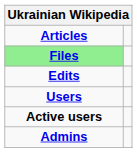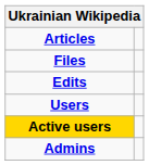 <table class="wikitable sortable" align=right style="text-align: center;">
 <tr>
 <th colspan=4>Ukrainian Wikipedia </th>
 </tr>
 <tr>
 <td><strong><a href='#'>Articles</a></strong></td>
 <td></td>
 </tr>
 <tr>
-<td style="background: lightgreen;"><strong><a href='#'>Files</a></strong></td>
+<td><strong><a href='#'>Files</a></strong></td>
 <td></td>
 </tr>
 <tr>
 <td><strong><a href='#'>Edits</a></strong></td>
 <td></td>
 </tr>
 <tr>
 <td><strong><a href='#'>Users</a></strong></td>
 <td></td>
 </tr>
 <tr>
-<td><strong>Active users</strong></td>
+<td style="background: gold;"><strong>Active users</strong></td>
 <td></td>
 </tr>
 <tr>
 <td><strong><a href='#'>Admins</a></strong></td>
 <td></td>
 </tr>
 </table>
